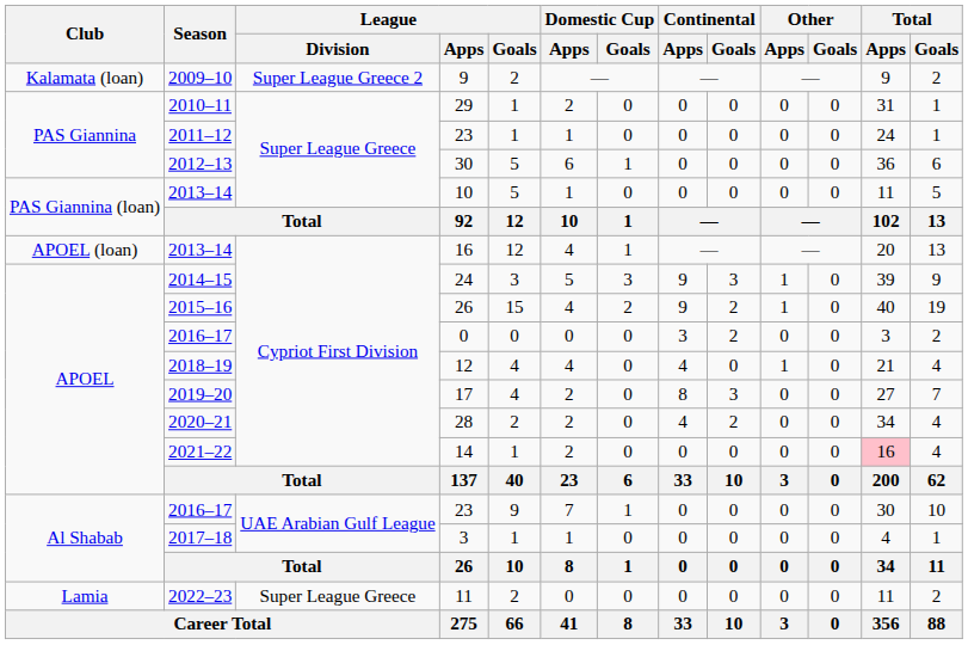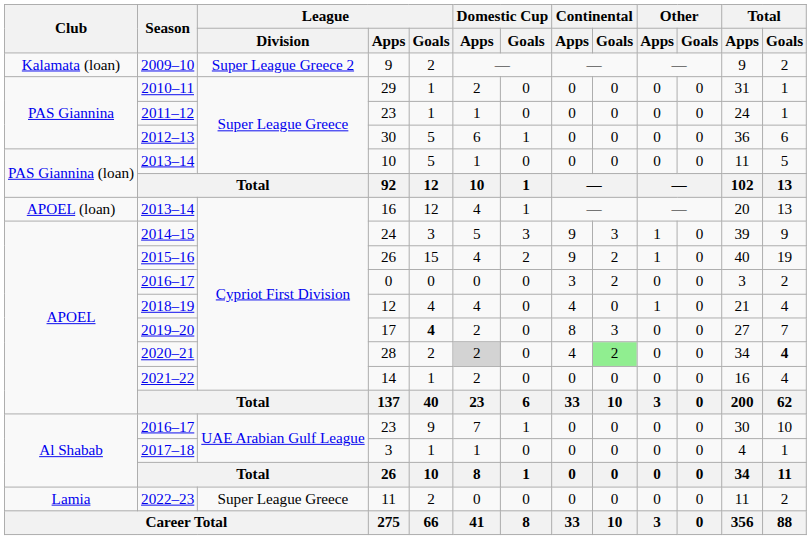 <table class="wikitable" style="text-align:center">
 <tr>
 <th rowspan=2>Club</th>
 <th rowspan=2>Season</th>
 <th colspan=3>League</th>
 <th colspan=2>Domestic Cup</th>
 <th colspan=2>Continental</th>
 <th colspan=2>Other</th>
 <th colspan=2>Total</th>
 </tr>
 <tr>
 <th>Division</th>
 <th>Apps</th>
 <th>Goals</th>
 <th>Apps</th>
 <th>Goals</th>
 <th>Apps</th>
 <th>Goals</th>
 <th>Apps</th>
 <th>Goals</th>
 <th>Apps</th>
 <th>Goals</th>
 </tr>
 <tr>
 <td><a href='#'>Kalamata</a> (loan)</td>
 <td><a href='#'>2009–10</a></td>
 <td><a href='#'>Super League Greece 2</a></td>
 <td>9</td>
 <td>2</td>
 <td colspan=2>—</td>
 <td colspan=2>—</td>
 <td colspan=2>—</td>
 <td>9</td>
 <td>2</td>
 </tr>
 <tr>
 <td rowspan="3"><a href='#'>PAS Giannina</a></td>
 <td><a href='#'>2010–11</a></td>
 <td rowspan="4"><a href='#'>Super League Greece</a></td>
 <td>29</td>
 <td>1</td>
 <td>2</td>
 <td>0</td>
 <td>0</td>
 <td>0</td>
 <td>0</td>
 <td>0</td>
 <td>31</td>
 <td>1</td>
 </tr>
 <tr>
 <td><a href='#'>2011–12</a></td>
 <td>23</td>
 <td>1</td>
 <td>1</td>
 <td>0</td>
 <td>0</td>
 <td>0</td>
 <td>0</td>
 <td>0</td>
 <td>24</td>
 <td>1</td>
 </tr>
 <tr>
 <td><a href='#'>2012–13</a></td>
 <td>30</td>
 <td>5</td>
 <td>6</td>
 <td>1</td>
 <td>0</td>
 <td>0</td>
 <td>0</td>
 <td>0</td>
 <td>36</td>
 <td>6</td>
 </tr>
 <tr>
 <td rowspan="2"><a href='#'>PAS Giannina</a> (loan)</td>
 <td><a href='#'>2013–14</a></td>
 <td>10</td>
 <td>5</td>
 <td>1</td>
 <td>0</td>
 <td>0</td>
 <td>0</td>
 <td>0</td>
 <td>0</td>
 <td>11</td>
 <td>5</td>
 </tr>
 <tr>
 <th colspan="2">Total</th>
 <th>92</th>
 <th>12</th>
 <th>10</th>
 <th>1</th>
 <th colspan=2>—</th>
 <th colspan=2>—</th>
 <th>102</th>
 <th>13</th>
 </tr>
 <tr>
 <td><a href='#'>APOEL</a> (loan)</td>
 <td><a href='#'>2013–14</a></td>
 <td rowspan="8"><a href='#'>Cypriot First Division</a></td>
 <td>16</td>
 <td>12</td>
 <td>4</td>
 <td>1</td>
 <td colspan=2>—</td>
 <td colspan=2>—</td>
 <td>20</td>
 <td>13</td>
 </tr>
 <tr>
 <td rowspan="8"><a href='#'>APOEL</a></td>
 <td><a href='#'>2014–15</a></td>
 <td>24</td>
 <td>3</td>
 <td>5</td>
 <td>3</td>
 <td>9</td>
 <td>3</td>
 <td>1</td>
 <td>0</td>
 <td>39</td>
 <td>9</td>
 </tr>
 <tr>
 <td><a href='#'>2015–16</a></td>
 <td>26</td>
 <td>15</td>
 <td>4</td>
 <td>2</td>
 <td>9</td>
 <td>2</td>
 <td>1</td>
 <td>0</td>
 <td>40</td>
 <td>19</td>
 </tr>
 <tr>
 <td><a href='#'>2016–17</a></td>
 <td>0</td>
 <td>0</td>
 <td>0</td>
 <td>0</td>
 <td>3</td>
 <td>2</td>
 <td>0</td>
 <td>0</td>
 <td>3</td>
 <td>2</td>
 </tr>
 <tr>
 <td><a href='#'>2018–19</a></td>
 <td>12</td>
 <td>4</td>
 <td>4</td>
 <td>0</td>
 <td>4</td>
 <td>0</td>
 <td>1</td>
 <td>0</td>
 <td>21</td>
 <td>4</td>
 </tr>
 <tr>
 <td><a href='#'>2019–20</a></td>
 <td>17</td>
-<td>4</td>
+<td><strong>4</strong></td>
 <td>2</td>
 <td>0</td>
 <td>8</td>
 <td>3</td>
 <td>0</td>
 <td>0</td>
 <td>27</td>
 <td>7</td>
 </tr>
 <tr>
 <td><a href='#'>2020–21</a></td>
 <td>28</td>
 <td>2</td>
-<td>2</td>
+<td style="background: lightgrey;">2</td>
 <td>0</td>
 <td>4</td>
-<td>2</td>
+<td style="background: lightgreen;">2</td>
 <td>0</td>
 <td>0</td>
 <td>34</td>
-<td>4</td>
+<td><strong>4</strong></td>
 </tr>
 <tr>
 <td><a href='#'>2021–22</a></td>
 <td>14</td>
 <td>1</td>
 <td>2</td>
 <td>0</td>
 <td>0</td>
 <td>0</td>
 <td>0</td>
 <td>0</td>
-<td style="background: pink;">16</td>
+<td>16</td>
 <td>4</td>
 </tr>
 <tr>
 <th colspan="2">Total</th>
 <th>137</th>
 <th>40</th>
 <th>23</th>
 <th>6</th>
 <th>33</th>
 <th>10</th>
 <th>3</th>
 <th>0</th>
 <th>200</th>
 <th>62</th>
 </tr>
 <tr>
 <td rowspan="3"><a href='#'>Al Shabab</a></td>
 <td><a href='#'>2016–17</a></td>
 <td rowspan="2"><a href='#'>UAE Arabian Gulf League</a></td>
 <td>23</td>
 <td>9</td>
 <td>7</td>
 <td>1</td>
 <td>0</td>
 <td>0</td>
 <td>0</td>
 <td>0</td>
 <td>30</td>
 <td>10</td>
 </tr>
 <tr>
 <td><a href='#'>2017–18</a></td>
 <td>3</td>
 <td>1</td>
 <td>1</td>
 <td>0</td>
 <td>0</td>
 <td>0</td>
 <td>0</td>
 <td>0</td>
 <td>4</td>
 <td>1</td>
 </tr>
 <tr>
 <th colspan="2">Total</th>
 <th>26</th>
 <th>10</th>
 <th>8</th>
 <th>1</th>
 <th>0</th>
 <th>0</th>
 <th>0</th>
 <th>0</th>
 <th>34</th>
 <th>11</th>
 </tr>
 <tr>
 <td><a href='#'>Lamia</a></td>
 <td><a href='#'>2022–23</a></td>
 <td>Super League Greece</td>
 <td>11</td>
 <td>2</td>
 <td>0</td>
 <td>0</td>
 <td>0</td>
 <td>0</td>
 <td>0</td>
 <td>0</td>
 <td>11</td>
 <td>2</td>
 </tr>
 <tr>
 <th colspan="3">Career Total</th>
 <th>275</th>
 <th>66</th>
 <th>41</th>
 <th>8</th>
 <th>33</th>
 <th>10</th>
 <th>3</th>
 <th>0</th>
 <th>356</th>
 <th>88</th>
 </tr>
 </table>
